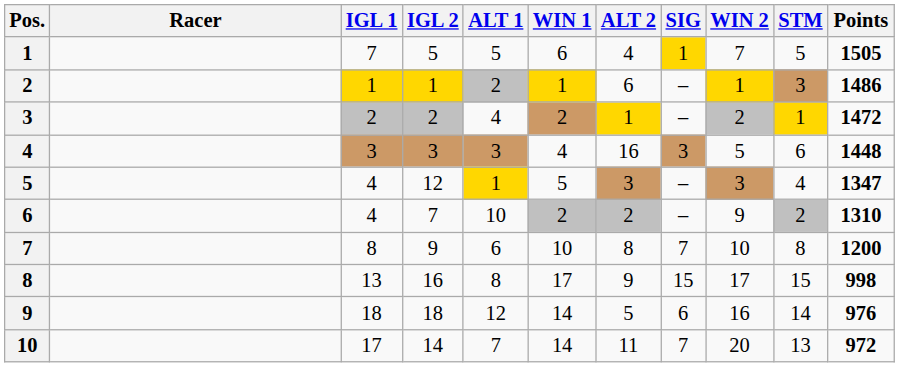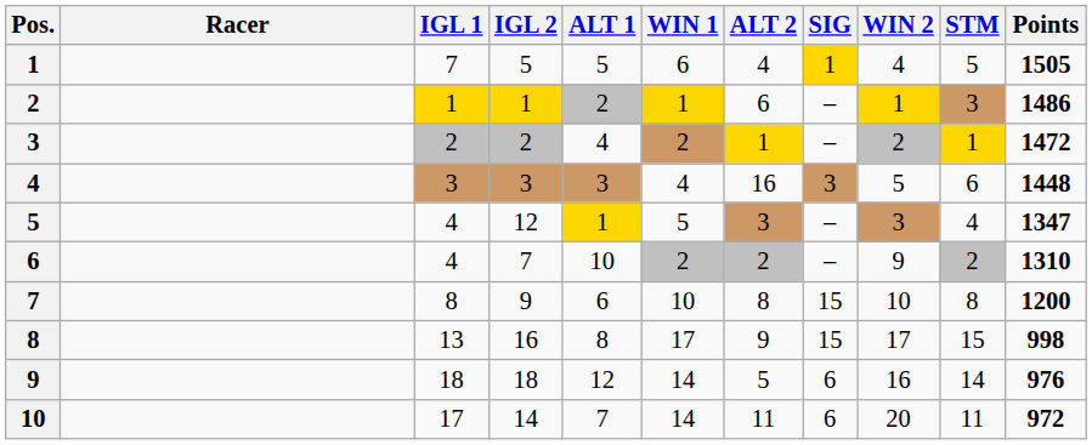 <table class="wikitable sortable plainrowheaders" style="text-align:center;">
 <tr>
 <th scope="col">Pos.</th>
 <th scope="col" style="width:220px;">Racer</th>
 <th scope="col"><strong> <a href='#'>IGL 1</a></strong></th>
 <th scope="col"><strong> <a href='#'>IGL 2</a></strong></th>
 <th scope="col"><strong> <a href='#'>ALT 1</a></strong></th>
 <th scope="col"><strong> <a href='#'>WIN 1</a></strong></th>
 <th scope="col"><strong> <a href='#'>ALT 2</a></strong></th>
 <th scope="col"><strong> <a href='#'>SIG</a></strong></th>
 <th scope="col"><strong> <a href='#'>WIN 2</a></strong></th>
 <th scope="col"><strong> <a href='#'>STM</a></strong></th>
 <th style="width:45px;">Points</th>
 </tr>
 <tr>
 <th>1</th>
 <td style="text-align:left"></td>
 <td>7</td>
 <td>5</td>
 <td>5</td>
 <td>6</td>
 <td>4</td>
 <td style="background:gold">1</td>
-<td>7</td>
+<td>4</td>
 <td>5</td>
 <td><strong>1505</strong></td>
 </tr>
 <tr>
 <th>2</th>
 <td style="text-align:left"></td>
 <td style="background:gold;">1</td>
 <td style="background:gold;">1</td>
 <td style="background:silver;">2</td>
 <td style="background:gold">1</td>
 <td>6</td>
 <td>–</td>
 <td style="background:gold">1</td>
 <td style="background:#c96">3</td>
 <td><strong>1486</strong></td>
 </tr>
 <tr>
 <th>3</th>
 <td style="text-align:left"></td>
 <td style="background:silver">2</td>
 <td style="background:silver">2</td>
 <td>4</td>
 <td style="background:#c96;">2</td>
 <td style="background:gold">1</td>
 <td>–</td>
 <td style="background:silver">2</td>
 <td style="background:gold">1</td>
 <td><strong>1472</strong></td>
 </tr>
 <tr>
 <th>4</th>
 <td style="text-align:left"></td>
 <td style="background:#c96">3</td>
 <td style="background:#c96">3</td>
 <td style="background:#c96">3</td>
 <td>4</td>
 <td>16</td>
 <td style="background:#c96">3</td>
 <td>5</td>
 <td>6</td>
 <td><strong>1448</strong></td>
 </tr>
 <tr>
 <th>5</th>
 <td style="text-align:left"></td>
 <td>4</td>
 <td>12</td>
 <td style="background:gold">1</td>
 <td>5</td>
 <td style="background:#c96">3</td>
 <td>–</td>
 <td style="background:#c96">3</td>
 <td>4</td>
 <td><strong>1347</strong></td>
 </tr>
 <tr>
 <th>6</th>
 <td style="text-align:left"></td>
 <td>4</td>
 <td>7</td>
 <td>10</td>
 <td style="background:silver">2</td>
 <td style="background:silver">2</td>
 <td>–</td>
 <td>9</td>
 <td style="background:silver">2</td>
 <td><strong>1310</strong></td>
 </tr>
 <tr>
 <th>7</th>
 <td style="text-align:left"></td>
 <td>8</td>
 <td>9</td>
 <td>6</td>
 <td>10</td>
 <td>8</td>
-<td>7</td>
+<td>15</td>
 <td>10</td>
 <td>8</td>
 <td><strong>1200</strong></td>
 </tr>
 <tr>
 <th>8</th>
 <td style="text-align:left"></td>
 <td>13</td>
 <td>16</td>
 <td>8</td>
 <td>17</td>
 <td>9</td>
 <td>15</td>
 <td>17</td>
 <td>15</td>
 <td><strong>998</strong></td>
 </tr>
 <tr>
 <th>9</th>
 <td style="text-align:left"></td>
 <td>18</td>
 <td>18</td>
 <td>12</td>
 <td>14</td>
 <td>5</td>
 <td>6</td>
 <td>16</td>
 <td>14</td>
 <td><strong>976</strong></td>
 </tr>
 <tr>
 <th>10</th>
 <td style="text-align:left"></td>
 <td>17</td>
 <td>14</td>
 <td>7</td>
 <td>14</td>
 <td>11</td>
-<td>7</td>
+<td>6</td>
 <td>20</td>
-<td>13</td>
+<td>11</td>
 <td><strong>972</strong></td>
 </tr>
 </table>
